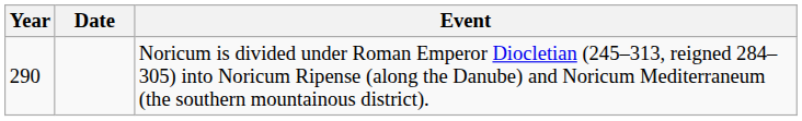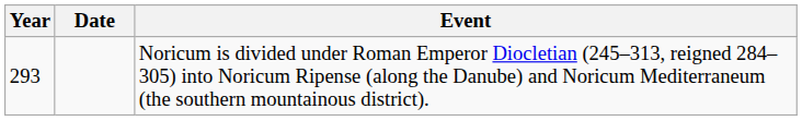 <table class="wikitable" width="100%">
 <tr>
 <th style="width:6%">Year</th>
 <th style="width:10%">Date</th>
 <th>Event</th>
 </tr>
 <tr>
-<td>290</td>
+<td>293</td>
 <td></td>
 <td>Noricum is divided under Roman Emperor <a href='#'>Diocletian</a> (245–313, reigned 284–305) into Noricum Ripense (along the Danube) and Noricum Mediterraneum (the southern mountainous district).</td>
 </tr>
 </table>
